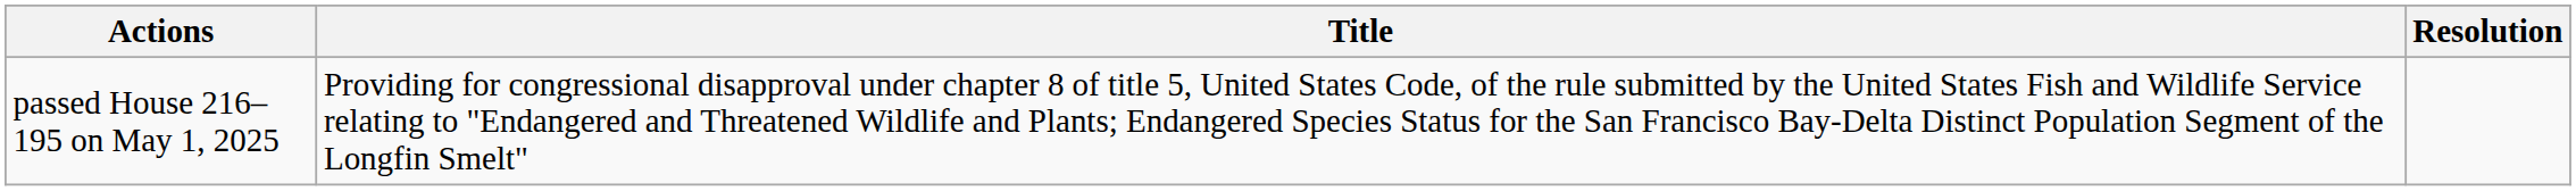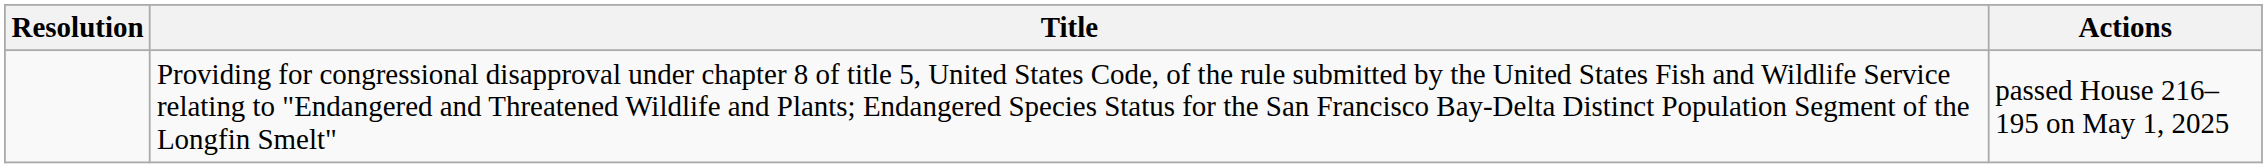 <table class="wikitable sortable">
 <tr>
+<th>Resolution</th>
+<th>Title</th>
 <th>Actions</th>
-<th>Title</th>
-<th>Resolution</th>
 </tr>
 <tr>
+<td></td>
+<td>Providing for congressional disapproval under chapter 8 of title 5, United States Code, of the rule submitted by the United States Fish and Wildlife Service relating to "Endangered and Threatened Wildlife and Plants; Endangered Species Status for the San Francisco Bay-Delta Distinct Population Segment of the Longfin Smelt"</td>
 <td>passed House 216–195 on May 1, 2025</td>
-<td>Providing for congressional disapproval under chapter 8 of title 5, United States Code, of the rule submitted by the United States Fish and Wildlife Service relating to "Endangered and Threatened Wildlife and Plants; Endangered Species Status for the San Francisco Bay-Delta Distinct Population Segment of the Longfin Smelt"</td>
-<td></td>
 </tr>
 </table>
